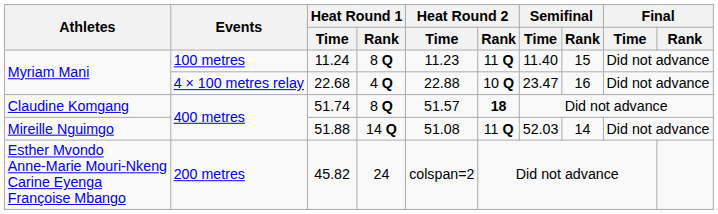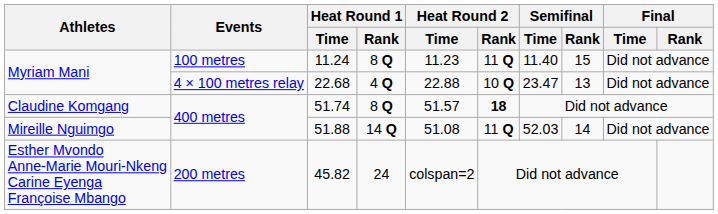 <table class="wikitable" style="font-size:90%">
 <tr>
 <th rowspan=2>Athletes</th>
 <th rowspan=2>Events</th>
 <th colspan=2>Heat Round 1</th>
 <th colspan=2>Heat Round 2</th>
 <th colspan=2>Semifinal</th>
 <th colspan=2>Final</th>
 </tr>
 <tr>
 <th>Time</th>
 <th>Rank</th>
 <th>Time</th>
 <th>Rank</th>
 <th>Time</th>
 <th>Rank</th>
 <th>Time</th>
 <th>Rank</th>
 </tr>
 <tr>
 <td rowspan=2><a href='#'>Myriam Mani</a></td>
 <td><a href='#'>100 metres</a></td>
 <td align=center>11.24</td>
 <td align=center>8 <strong>Q</strong></td>
 <td align=center>11.23</td>
 <td align=center>11 <strong>Q</strong></td>
 <td align=center>11.40</td>
 <td align=center>15</td>
 <td align=center colspan=2>Did not advance</td>
 </tr>
 <tr>
 <td><a href='#'>4 × 100 metres relay</a></td>
 <td align=center>22.68</td>
 <td align=center>4 <strong>Q</strong></td>
 <td align=center>22.88</td>
 <td align=center>10 <strong>Q</strong></td>
 <td align=center>23.47</td>
-<td align=center>16</td>
+<td align=center>13</td>
 <td align=center colspan=2>Did not advance</td>
 </tr>
 <tr>
 <td><a href='#'>Claudine Komgang</a></td>
 <td rowspan=2><a href='#'>400 metres</a></td>
 <td align=center>51.74</td>
 <td align=center>8 <strong>Q</strong></td>
 <td align=center>51.57</td>
 <td align=center><strong>18</strong></td>
 <td align=center colspan=4>Did not advance</td>
 </tr>
 <tr>
 <td><a href='#'>Mireille Nguimgo</a></td>
 <td align=center>51.88</td>
 <td align=center>14 <strong>Q</strong></td>
 <td align=center>51.08</td>
 <td align=center>11 <strong>Q</strong></td>
 <td align=center>52.03</td>
 <td align=center>14</td>
 <td align=center colspan=2>Did not advance</td>
 </tr>
 <tr>
 <td><a href='#'>Esther Mvondo</a><br><a href='#'>Anne-Marie Mouri-Nkeng</a><br><a href='#'>Carine Eyenga</a><br><a href='#'>Françoise Mbango</a></td>
 <td><a href='#'>200 metres</a></td>
 <td align=center>45.82</td>
 <td align=center>24</td>
 <td>colspan=2</td>
 <td align=center colspan=4>Did not advance</td>
 </tr>
 </table>
